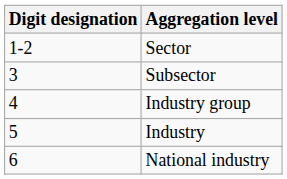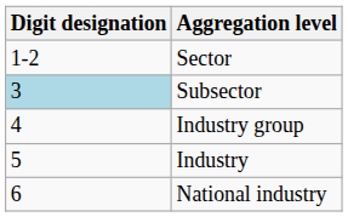 <table class="wikitable" style="display: inline-table;">
 <tr>
 <th>Digit designation</th>
 <th>Aggregation level</th>
 </tr>
 <tr>
 <td>1-2</td>
 <td>Sector</td>
 </tr>
 <tr>
-<td>3</td>
+<td style="background: lightblue;">3</td>
 <td>Subsector</td>
 </tr>
 <tr>
 <td>4</td>
 <td>Industry group</td>
 </tr>
 <tr>
 <td>5</td>
 <td>Industry</td>
 </tr>
 <tr>
 <td>6</td>
 <td>National industry</td>
 </tr>
 </table>
